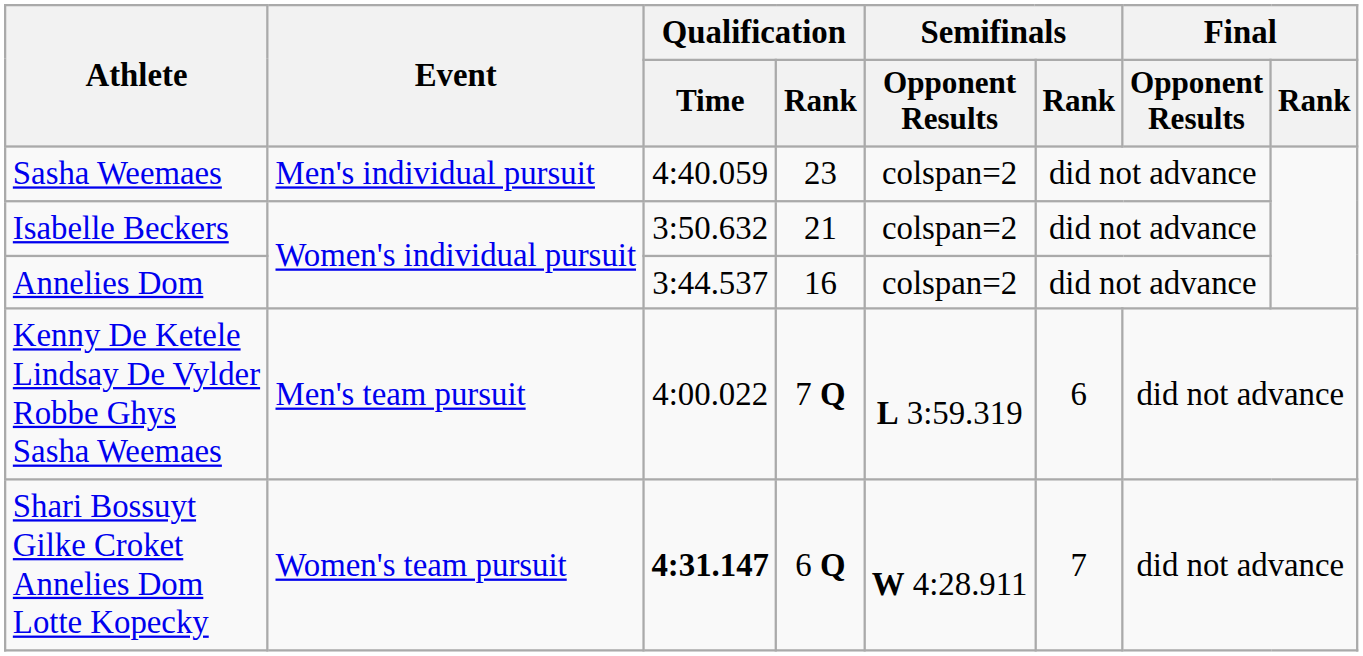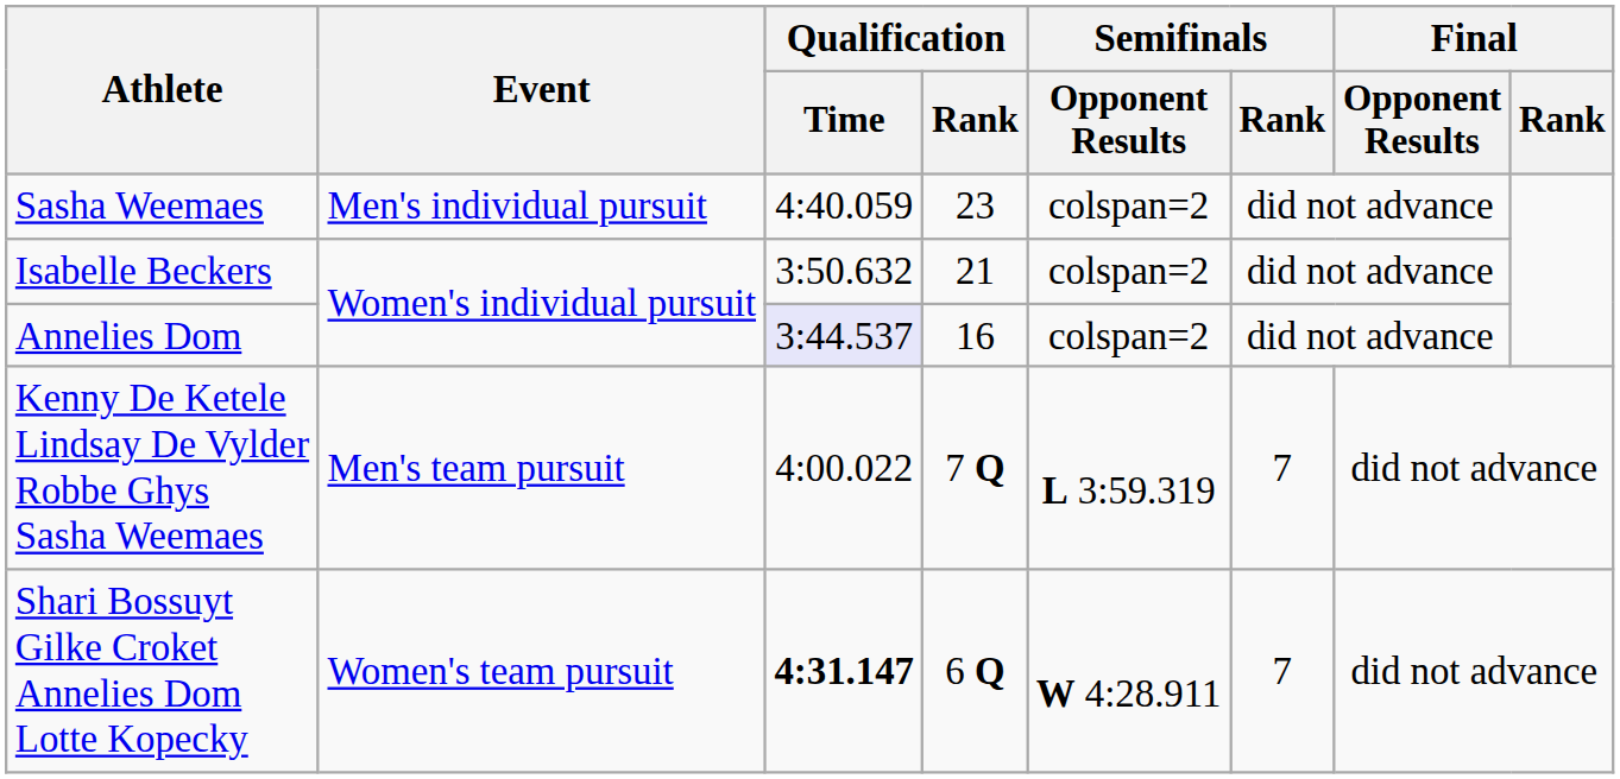 <table class="wikitable" style="font-size:90%">
 <tr>
 <th rowspan=2>Athlete</th>
 <th rowspan=2>Event</th>
 <th colspan=2>Qualification</th>
 <th colspan=2>Semifinals</th>
 <th colspan=2>Final</th>
 </tr>
 <tr style="font-size:95%">
 <th>Time</th>
 <th>Rank</th>
 <th>Opponent<br>Results</th>
 <th>Rank</th>
 <th>Opponent<br>Results</th>
 <th>Rank</th>
 </tr>
 <tr align=center>
 <td align=left><a href='#'>Sasha Weemaes</a></td>
 <td align=left><a href='#'>Men's individual pursuit</a></td>
 <td>4:40.059</td>
 <td>23</td>
 <td>colspan=2</td>
 <td colspan=2>did not advance</td>
 </tr>
 <tr align=center>
 <td align=left><a href='#'>Isabelle Beckers</a></td>
 <td align=left rowspan=2><a href='#'>Women's individual pursuit</a></td>
 <td>3:50.632</td>
 <td>21</td>
 <td>colspan=2</td>
 <td colspan=2>did not advance</td>
 </tr>
 <tr align=center>
 <td align=left><a href='#'>Annelies Dom</a></td>
-<td>3:44.537</td>
+<td style="background: lavender;">3:44.537</td>
 <td>16</td>
 <td>colspan=2</td>
 <td colspan=2>did not advance</td>
 </tr>
 <tr align=center>
 <td align=left><a href='#'>Kenny De Ketele</a><br><a href='#'>Lindsay De Vylder</a><br><a href='#'>Robbe Ghys</a><br><a href='#'>Sasha Weemaes</a></td>
 <td align=left><a href='#'>Men's team pursuit</a></td>
 <td>4:00.022</td>
 <td>7 <strong>Q</strong></td>
 <td><br><strong>L</strong> 3:59.319</td>
-<td>6</td>
+<td>7</td>
 <td colspan=2>did not advance</td>
 </tr>
 <tr align=center>
 <td align=left><a href='#'>Shari Bossuyt</a><br><a href='#'>Gilke Croket</a><br><a href='#'>Annelies Dom</a><br><a href='#'>Lotte Kopecky</a></td>
 <td align=left><a href='#'>Women's team pursuit</a></td>
 <td><strong>4:31.147</strong></td>
 <td>6 <strong>Q</strong></td>
 <td><br><strong>W</strong> 4:28.911</td>
 <td>7</td>
 <td colspan=2>did not advance</td>
 </tr>
 </table>
